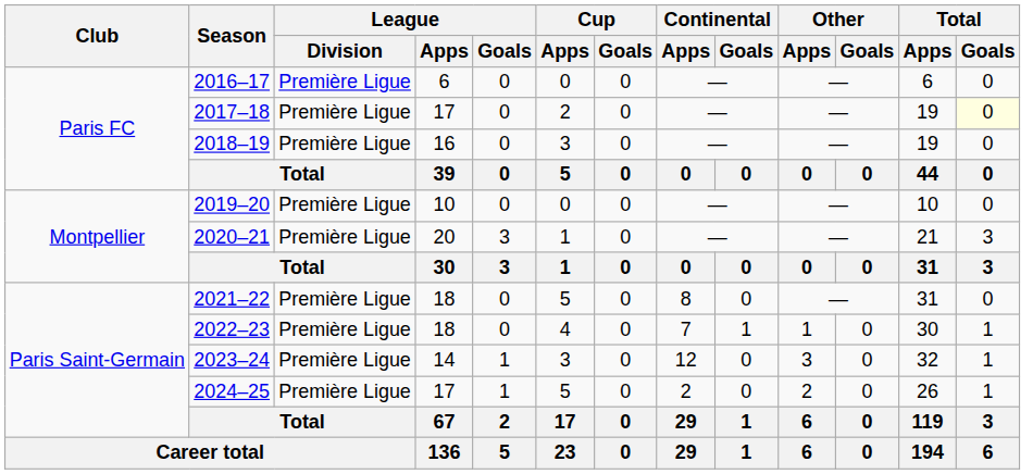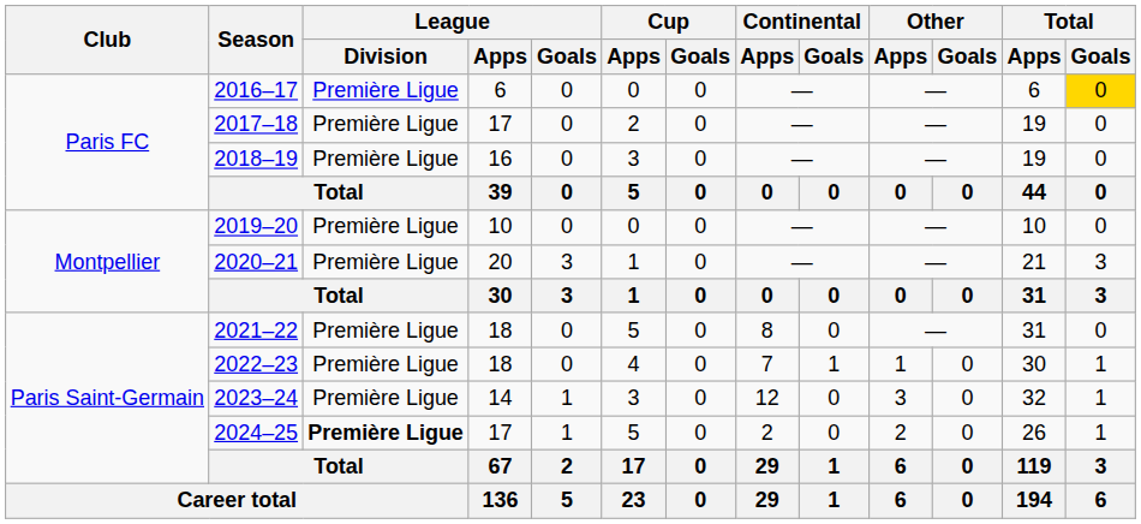 <table class="wikitable" style="text-align:center">
 <tr>
 <th rowspan="2">Club</th>
 <th rowspan="2">Season</th>
 <th colspan="3">League</th>
 <th colspan="2">Cup</th>
 <th colspan="2">Continental</th>
 <th colspan="2">Other</th>
 <th colspan="2">Total</th>
 </tr>
 <tr>
 <th>Division</th>
 <th>Apps</th>
 <th>Goals</th>
 <th>Apps</th>
 <th>Goals</th>
 <th>Apps</th>
 <th>Goals</th>
 <th>Apps</th>
 <th>Goals</th>
 <th>Apps</th>
 <th>Goals</th>
 </tr>
 <tr>
 <td rowspan="4"><a href='#'>Paris FC</a></td>
 <td><a href='#'>2016–17</a></td>
 <td><a href='#'>Première Ligue</a></td>
 <td>6</td>
 <td>0</td>
 <td>0</td>
 <td>0</td>
 <td colspan="2">—</td>
 <td colspan="2">—</td>
 <td>6</td>
-<td>0</td>
+<td style="background: gold;">0</td>
 </tr>
 <tr>
 <td><a href='#'>2017–18</a></td>
 <td>Première Ligue</td>
 <td>17</td>
 <td>0</td>
 <td>2</td>
 <td>0</td>
 <td colspan="2">—</td>
 <td colspan="2">—</td>
 <td>19</td>
-<td style="background: lightyellow;">0</td>
+<td>0</td>
 </tr>
 <tr>
 <td><a href='#'>2018–19</a></td>
 <td>Première Ligue</td>
 <td>16</td>
 <td>0</td>
 <td>3</td>
 <td>0</td>
 <td colspan="2">—</td>
 <td colspan="2">—</td>
 <td>19</td>
 <td>0</td>
 </tr>
 <tr>
 <th colspan="2">Total</th>
 <th>39</th>
 <th>0</th>
 <th>5</th>
 <th>0</th>
 <th>0</th>
 <th>0</th>
 <th>0</th>
 <th>0</th>
 <th>44</th>
 <th>0</th>
 </tr>
 <tr>
 <td rowspan="3"><a href='#'>Montpellier</a></td>
 <td><a href='#'>2019–20</a></td>
 <td>Première Ligue</td>
 <td>10</td>
 <td>0</td>
 <td>0</td>
 <td>0</td>
 <td colspan="2">—</td>
 <td colspan="2">—</td>
 <td>10</td>
 <td>0</td>
 </tr>
 <tr>
 <td><a href='#'>2020–21</a></td>
 <td>Première Ligue</td>
 <td>20</td>
 <td>3</td>
 <td>1</td>
 <td>0</td>
 <td colspan="2">—</td>
 <td colspan="2">—</td>
 <td>21</td>
 <td>3</td>
 </tr>
 <tr>
 <th colspan="2">Total</th>
 <th>30</th>
 <th>3</th>
 <th>1</th>
 <th>0</th>
 <th>0</th>
 <th>0</th>
 <th>0</th>
 <th>0</th>
 <th>31</th>
 <th>3</th>
 </tr>
 <tr>
 <td rowspan="5"><a href='#'>Paris Saint-Germain</a></td>
 <td><a href='#'>2021–22</a></td>
 <td>Première Ligue</td>
 <td>18</td>
 <td>0</td>
 <td>5</td>
 <td>0</td>
 <td>8</td>
 <td>0</td>
 <td colspan="2">—</td>
 <td>31</td>
 <td>0</td>
 </tr>
 <tr>
 <td><a href='#'>2022–23</a></td>
 <td>Première Ligue</td>
 <td>18</td>
 <td>0</td>
 <td>4</td>
 <td>0</td>
 <td>7</td>
 <td>1</td>
 <td>1</td>
 <td>0</td>
 <td>30</td>
 <td>1</td>
 </tr>
 <tr>
 <td><a href='#'>2023–24</a></td>
 <td>Première Ligue</td>
 <td>14</td>
 <td>1</td>
 <td>3</td>
 <td>0</td>
 <td>12</td>
 <td>0</td>
 <td>3</td>
 <td>0</td>
 <td>32</td>
 <td>1</td>
 </tr>
 <tr>
 <td><a href='#'>2024–25</a></td>
-<td>Première Ligue</td>
+<td><strong>Première Ligue</strong></td>
 <td>17</td>
 <td>1</td>
 <td>5</td>
 <td>0</td>
 <td>2</td>
 <td>0</td>
 <td>2</td>
 <td>0</td>
 <td>26</td>
 <td>1</td>
 </tr>
 <tr>
 <th colspan="2">Total</th>
 <th>67</th>
 <th>2</th>
 <th>17</th>
 <th>0</th>
 <th>29</th>
 <th>1</th>
 <th>6</th>
 <th>0</th>
 <th>119</th>
 <th>3</th>
 </tr>
 <tr>
 <th colspan="3">Career total</th>
 <th>136</th>
 <th>5</th>
 <th>23</th>
 <th>0</th>
 <th>29</th>
 <th>1</th>
 <th>6</th>
 <th>0</th>
 <th>194</th>
 <th>6</th>
 </tr>
 </table>
